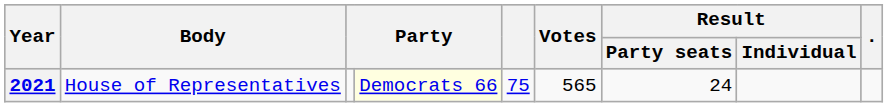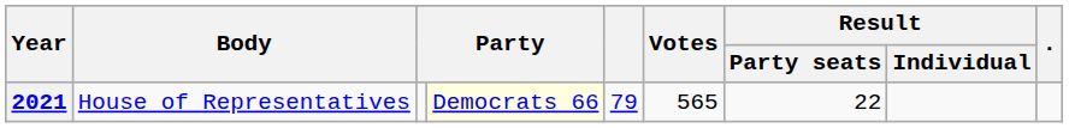 <table class="wikitable plainrowheaders sortable" border=2 cellpadding=4 cellspacing=0 style="border: 1px #aaa solid; font-size: 90%; text-align:center;">
 <tr>
 <th scope="col" rowspan=2>Year</th>
 <th scope="col" rowspan=2>Body</th>
 <th scope="col" colspan=2 rowspan=2>Party</th>
 <th scope="col" rowspan=2></th>
 <th scope="col" rowspan=2>Votes</th>
 <th scope="colgroup" colspan=2>Result</th>
 <th scope="col" rowspan=2 class="unsortable">.</th>
 </tr>
 <tr>
 <th scope="col">Party seats</th>
 <th scope="col">Individual</th>
 </tr>
 <tr>
 <th scope="row"><a href='#'>2021</a></th>
 <td><a href='#'>House of Representatives</a></td>
 <td style="background-color:"></td>
 <td style="background: lightyellow;"><a href='#'>Democrats 66</a></td>
-<td style=text-align:right><a href='#'>75</a></td>
+<td style=text-align:right><a href='#'>79</a></td>
 <td style=text-align:right>565</td>
-<td style=text-align:right>24</td>
+<td style=text-align:right>22</td>
 <td></td>
 <td></td>
 </tr>
 </table>
